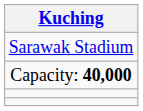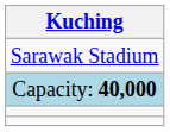 <table class="wikitable" style="text-align:center">
 <tr>
 <th> <a href='#'>Kuching</a></th>
 </tr>
 <tr>
 <td><a href='#'>Sarawak Stadium</a></td>
 </tr>
 <tr>
-<td>Capacity: <strong>40,000</strong></td>
+<td style="background: lightblue;">Capacity: <strong>40,000</strong></td>
 </tr>
 <tr>
 <td></td>
 </tr>
 <tr>
 <td rowspan=2></td>
 </tr>
 </table>
